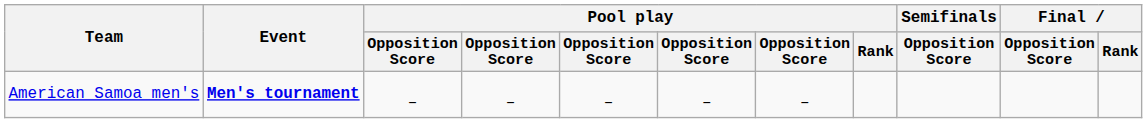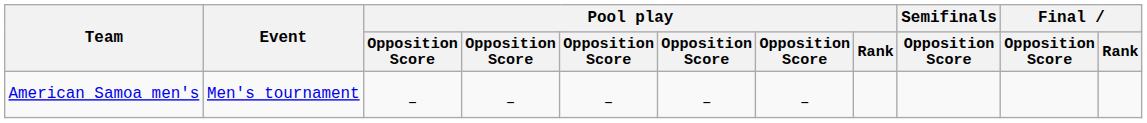 <table class=wikitable style=font-size:90%;text-align:center>
 <tr>
 <th rowspan=2>Team</th>
 <th rowspan=2>Event</th>
 <th colspan=6>Pool play</th>
 <th>Semifinals</th>
 <th colspan=2>Final / </th>
 </tr>
 <tr style=font-size:95%>
 <th>Opposition<br>Score</th>
 <th>Opposition<br>Score</th>
 <th>Opposition<br>Score</th>
 <th>Opposition<br>Score</th>
 <th>Opposition<br>Score</th>
 <th>Rank</th>
 <th>Opposition<br>Score</th>
 <th>Opposition<br>Score</th>
 <th>Rank</th>
 </tr>
 <tr>
 <td align=left><a href='#'>American Samoa men's</a></td>
-<td align=left><strong><a href='#'>Men's tournament</a></strong></td>
+<td align=left><a href='#'>Men's tournament</a></td>
 <td><br> –</td>
 <td><br> –</td>
 <td><br> –</td>
 <td><br> –</td>
 <td><br> –</td>
 <td></td>
 <td></td>
 <td></td>
 </tr>
 </table>
